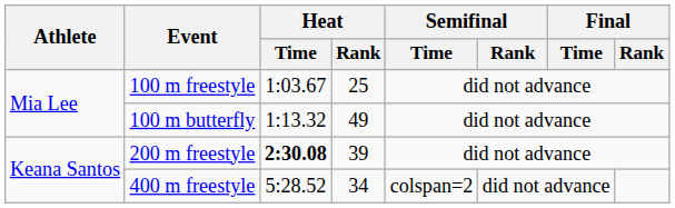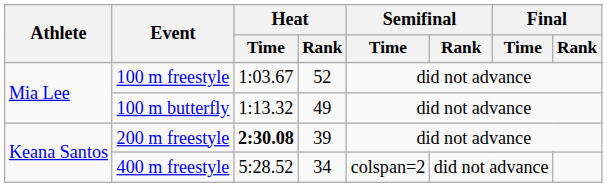 <table class="wikitable" style="text-align:center; font-size:90%">
 <tr>
 <th rowspan="2">Athlete</th>
 <th rowspan="2">Event</th>
 <th colspan="2">Heat</th>
 <th colspan="2">Semifinal</th>
 <th colspan="2">Final</th>
 </tr>
 <tr style="font-size:95%">
 <th>Time</th>
 <th>Rank</th>
 <th>Time</th>
 <th>Rank</th>
 <th>Time</th>
 <th>Rank</th>
 </tr>
 <tr>
 <td align=left rowspan=2><a href='#'>Mia Lee</a></td>
 <td align=left><a href='#'>100 m freestyle</a></td>
 <td>1:03.67</td>
-<td>25</td>
+<td>52</td>
 <td colspan=4>did not advance</td>
 </tr>
 <tr>
 <td align=left><a href='#'>100 m butterfly</a></td>
 <td>1:13.32</td>
 <td>49</td>
 <td colspan=4>did not advance</td>
 </tr>
 <tr>
 <td align=left rowspan=2><a href='#'>Keana Santos</a></td>
 <td align=left><a href='#'>200 m freestyle</a></td>
 <td><strong>2:30.08</strong></td>
 <td>39</td>
 <td colspan=4>did not advance</td>
 </tr>
 <tr>
 <td align=left><a href='#'>400 m freestyle</a></td>
 <td>5:28.52</td>
 <td>34</td>
 <td>colspan=2 </td>
 <td colspan=2>did not advance</td>
 </tr>
 </table>
